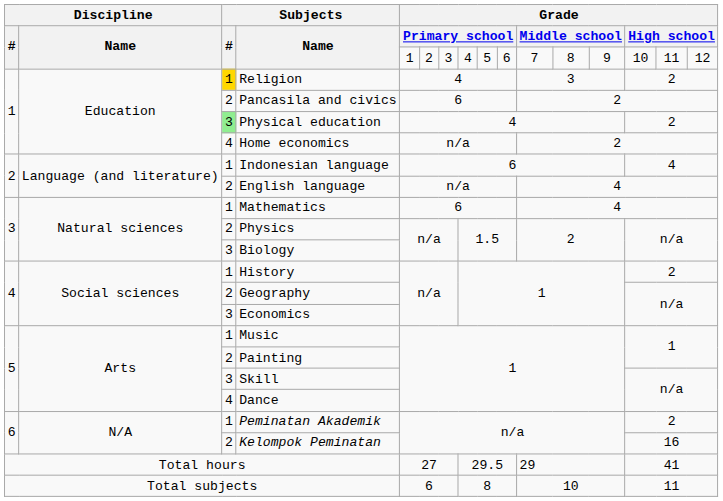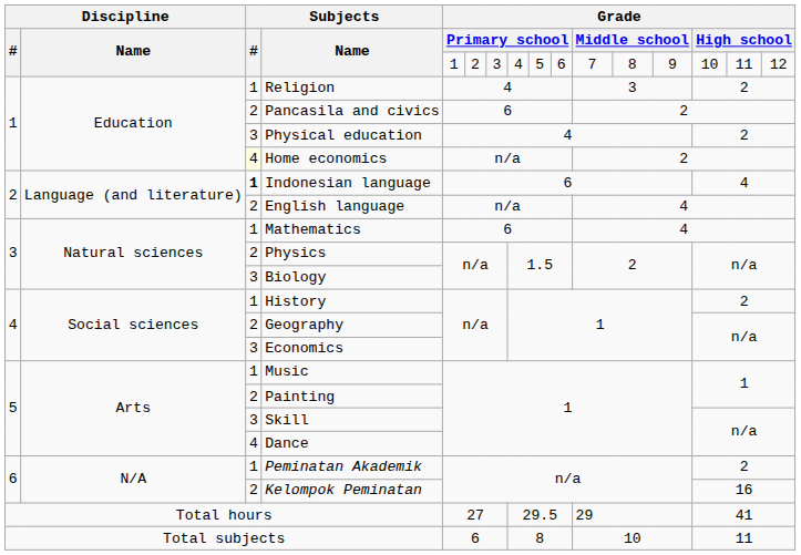 <table class="wikitable">
 <tr>
 <th colspan=2>Discipline</th>
 <th colspan=2>Subjects</th>
 <th colspan=14>Grade</th>
 </tr>
 <tr>
 <th rowspan=2>#</th>
 <th rowspan=2>Name</th>
 <th rowspan=2>#</th>
 <th rowspan=2>Name</th>
 <th colspan=6><a href='#'>Primary school</a></th>
 <th colspan=3><a href='#'>Middle school</a></th>
 <th colspan=3><a href='#'>High school</a></th>
 </tr>
 <tr>
 <td align=center>1</td>
 <td align=center>2</td>
 <td align=center>3</td>
 <td align=center>4</td>
 <td align=center>5</td>
 <td align=center>6</td>
 <td align=center>7</td>
 <td align=center>8</td>
 <td align=center>9</td>
 <td align=center>10</td>
 <td align=center>11</td>
 <td align=center>12</td>
 </tr>
 <tr>
 <td rowspan=4 align=center>1</td>
 <td rowspan=4 align=center>Education</td>
-<td style="background: gold;">1</td>
+<td>1</td>
 <td>Religion</td>
 <td colspan=6 align=center>4</td>
 <td colspan=3 align=center>3</td>
 <td colspan=3 align=center>2</td>
 </tr>
 <tr>
 <td>2</td>
 <td>Pancasila and civics</td>
 <td colspan=6 align=center>6</td>
 <td colspan=6 align=center>2</td>
 </tr>
 <tr>
-<td style="background: lightgreen;">3</td>
+<td>3</td>
 <td>Physical education</td>
 <td colspan=9 align=center>4</td>
 <td colspan=3 align=center>2</td>
 </tr>
 <tr>
-<td>4</td>
+<td style="background: lightyellow;">4</td>
 <td>Home economics</td>
 <td colspan=6 align=center>n/a</td>
 <td colspan=6 align=center>2</td>
 </tr>
 <tr>
 <td rowspan=2 align=center>2</td>
 <td rowspan=2 align=center>Language (and literature)</td>
-<td>1</td>
+<td><strong>1</strong></td>
 <td>Indonesian language</td>
 <td colspan=9 align=center>6</td>
 <td colspan=3 align=center>4</td>
 </tr>
 <tr>
 <td>2</td>
 <td>English language</td>
 <td colspan=6 align=center>n/a</td>
 <td colspan=6 align=center>4</td>
 </tr>
 <tr>
 <td rowspan=3 align=center>3</td>
 <td rowspan=3 align=center>Natural sciences</td>
 <td>1</td>
 <td>Mathematics</td>
 <td colspan=6 align=center>6</td>
 <td colspan=6 align=center>4</td>
 </tr>
 <tr>
 <td>2</td>
 <td>Physics</td>
 <td colspan="3" rowspan="2" align="center">n/a</td>
 <td colspan="3" rowspan="2" align="center">1.5</td>
 <td colspan="3" rowspan="2" align="center">2</td>
 <td colspan="3" rowspan="2" align="center">n/a</td>
 </tr>
 <tr>
 <td>3</td>
 <td>Biology</td>
 </tr>
 <tr>
 <td rowspan=3 align=center>4</td>
 <td rowspan=3 align=center>Social sciences</td>
 <td>1</td>
 <td>History</td>
 <td colspan="3" rowspan="3" align="center">n/a</td>
 <td colspan="6" rowspan="3" align="center">1</td>
 <td colspan=3 align=center>2</td>
 </tr>
 <tr>
 <td>2</td>
 <td>Geography</td>
 <td colspan="3" rowspan="2" align="center">n/a</td>
 </tr>
 <tr>
 <td>3</td>
 <td>Economics</td>
 </tr>
 <tr>
 <td rowspan=4 align=center>5</td>
 <td rowspan=4 align=center>Arts</td>
 <td>1</td>
 <td>Music</td>
 <td colspan="9" rowspan="4" align="center">1</td>
 <td colspan="3" rowspan="2" align="center">1</td>
 </tr>
 <tr>
 <td>2</td>
 <td>Painting</td>
 </tr>
 <tr>
 <td>3</td>
 <td>Skill</td>
 <td colspan="3" rowspan="2" align="center">n/a</td>
 </tr>
 <tr>
 <td>4</td>
 <td>Dance</td>
 </tr>
 <tr>
 <td rowspan=2 align=center>6</td>
 <td rowspan=2 align=center>N/A</td>
 <td>1</td>
 <td><em>Peminatan Akademik</em></td>
 <td colspan="9" rowspan="2" align="center">n/a</td>
 <td colspan=3 align=center>2</td>
 </tr>
 <tr>
 <td>2</td>
 <td><em>Kelompok Peminatan</em></td>
 <td colspan=3 align=center>16</td>
 </tr>
 <tr>
 <td colspan=4 align=center>Total hours</td>
 <td colspan=3 align=center>27</td>
 <td colspan="3" align="center">29.5</td>
 <td colspan="3">29</td>
 <td colspan="3" align="center">41</td>
 </tr>
 <tr>
 <td colspan=4 align=center>Total subjects</td>
 <td colspan=3 align=center>6</td>
 <td colspan=3 align=center>8</td>
 <td colspan=3 align=center>10</td>
 <td colspan=3 align=center>11</td>
 </tr>
 </table>
